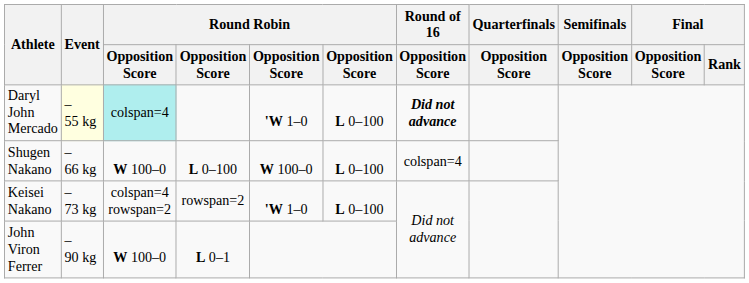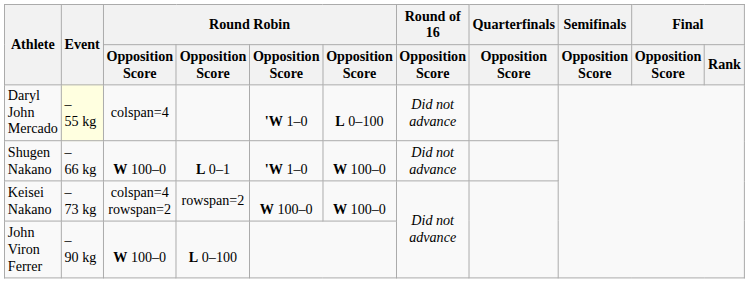 <table class="wikitable" style="font-size:90%">
 <tr>
 <th rowspan=2>Athlete</th>
 <th rowspan=2>Event</th>
 <th colspan=4>Round Robin</th>
 <th>Round of 16</th>
 <th>Quarterfinals</th>
 <th>Semifinals</th>
 <th colspan=2>Final</th>
 </tr>
 <tr style="font-size:95">
 <th>Opposition<br>Score</th>
 <th>Opposition<br>Score</th>
 <th>Opposition<br>Score</th>
 <th>Opposition<br>Score</th>
 <th>Opposition<br>Score</th>
 <th>Opposition<br>Score</th>
 <th>Opposition<br>Score</th>
 <th>Opposition<br>Score</th>
 <th>Rank</th>
 </tr>
 <tr align=center>
 <td align=left>Daryl John Mercado</td>
 <td align=left style="background: lightyellow;">–55 kg</td>
-<td style="background: paleturquoise;">colspan=4 </td>
+<td>colspan=4 </td>
 <td></td>
 <td><br><strong>'W</strong> 1–0</td>
 <td><br><strong>L</strong> 0–100</td>
-<td><strong><em>Did not advance</em></strong></td>
+<td><em>Did not advance</em></td>
 <td></td>
 </tr>
 <tr align=center>
 <td align=left>Shugen Nakano</td>
 <td align=left>–66 kg</td>
 <td><br><strong>W</strong> 100–0</td>
-<td><br><strong>L</strong> 0–100</td>
+<td><br><strong>L</strong> 0–1</td>
+<td><br><strong>'W</strong> 1–0</td>
 <td><br><strong>W</strong> 100–0</td>
-<td><br><strong>L</strong> 0–100</td>
-<td>colspan=4 </td>
+<td><em>Did not advance</em></td>
 <td></td>
 </tr>
 <tr align=center>
 <td align=left>Keisei Nakano</td>
 <td align=left>–73 kg</td>
 <td>colspan=4 rowspan=2 </td>
 <td>rowspan=2 </td>
-<td><br><strong>'W</strong> 1–0</td>
-<td><br><strong>L</strong> 0–100</td>
+<td><br><strong>W</strong> 100–0</td>
+<td><br><strong>W</strong> 100–0</td>
 <td rowspan=2><em>Did not advance</em></td>
 <td rowspan=2></td>
 </tr>
 <tr align=center>
 <td align=left>John Viron Ferrer</td>
 <td align=left>–90 kg</td>
 <td><br><strong>W</strong> 100–0</td>
-<td><br><strong>L</strong> 0–1</td>
+<td><br><strong>L</strong> 0–100</td>
 </tr>
 </table>
